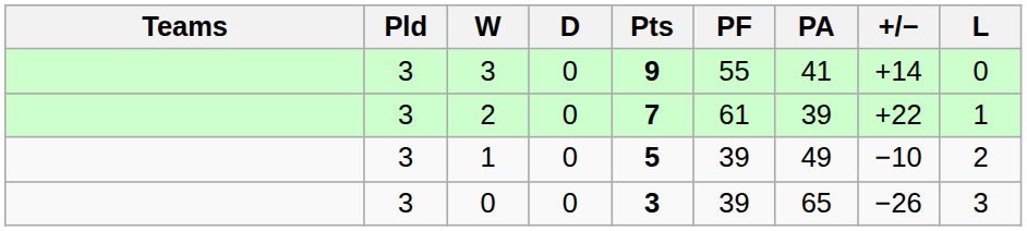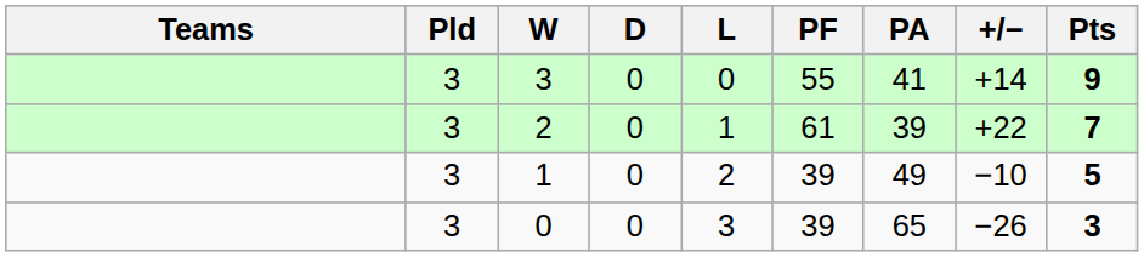 <table class="wikitable" style="text-align:center">
 <tr>
 <th width="200">Teams</th>
 <th width="40">Pld</th>
 <th width="40">W</th>
 <th width="40">D</th>
-<th width="40">Pts</th>
+<th width="40">L</th>
 <th width="40">PF</th>
 <th width="40">PA</th>
 <th width="40">+/−</th>
-<th width="40">L</th>
+<th width="40">Pts</th>
 </tr>
 <tr style="background:#cfc">
 <td align=left></td>
 <td>3</td>
 <td>3</td>
 <td>0</td>
-<td><strong>9</strong></td>
+<td>0</td>
 <td>55</td>
 <td>41</td>
 <td>+14</td>
-<td>0</td>
+<td><strong>9</strong></td>
 </tr>
 <tr style="background:#cfc">
 <td align=left></td>
 <td>3</td>
 <td>2</td>
 <td>0</td>
-<td><strong>7</strong></td>
+<td>1</td>
 <td>61</td>
 <td>39</td>
 <td>+22</td>
-<td>1</td>
+<td><strong>7</strong></td>
 </tr>
 <tr>
 <td align=left></td>
 <td>3</td>
 <td>1</td>
 <td>0</td>
-<td><strong>5</strong></td>
+<td>2</td>
 <td>39</td>
 <td>49</td>
 <td>−10</td>
-<td>2</td>
+<td><strong>5</strong></td>
 </tr>
 <tr>
 <td align=left></td>
 <td>3</td>
 <td>0</td>
 <td>0</td>
-<td><strong>3</strong></td>
+<td>3</td>
 <td>39</td>
 <td>65</td>
 <td>−26</td>
-<td>3</td>
+<td><strong>3</strong></td>
 </tr>
 </table>
